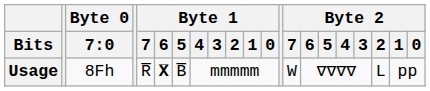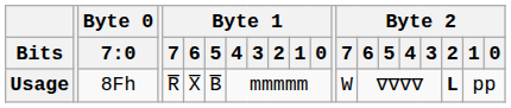 <table class="wikitable" style="text-align:center">
 <tr>
 <th></th>
 <th scope="col" style="width: 2px; border-spacing:0; padding:0px" rowspan=3></th>
 <th>Byte 0</th>
 <th scope="col" style="width: 2px; border-spacing:0; padding:0px" rowspan=3></th>
 <th colspan=8>Byte 1</th>
 <th scope="col" style="width: 2px; border-spacing:0; padding:0px" rowspan=3></th>
 <th colspan=8>Byte 2</th>
 </tr>
 <tr>
 <th>Bits</th>
 <th>7:0</th>
 <th>7</th>
 <th>6</th>
 <th>5</th>
 <th>4</th>
 <th>3</th>
 <th>2</th>
 <th>1</th>
 <th>0</th>
 <th>7</th>
 <th>6</th>
 <th>5</th>
 <th>4</th>
 <th>3</th>
 <th>2</th>
 <th>1</th>
 <th>0</th>
 </tr>
 <tr>
 <th>Usage</th>
 <td><code>8Fh</code></td>
 <td>R̅</td>
-<td><strong>X̅</strong></td>
+<td>X̅</td>
 <td>B̅</td>
 <td colspan=5>mmmmm</td>
 <td>W</td>
 <td colspan=4>v̅v̅v̅v̅</td>
-<td>L</td>
+<td><strong>L</strong></td>
 <td colspan=2>pp</td>
 </tr>
 </table>
